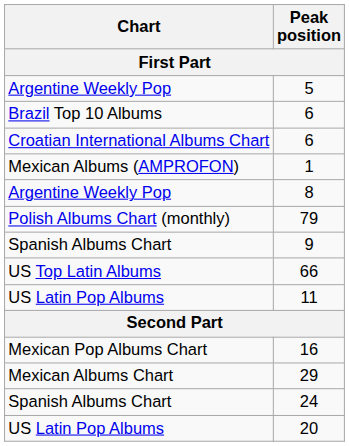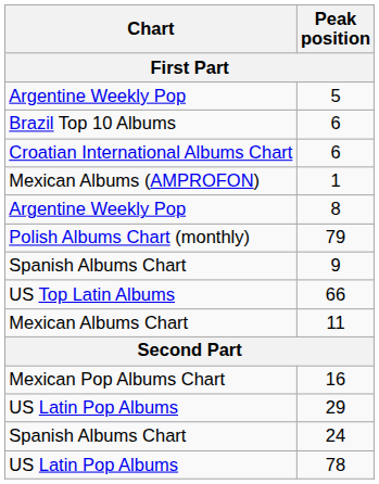 <table class="wikitable sortable">
 <tr>
 <th align="left">Chart</th>
 <th align="left">Peak<br>position</th>
 </tr>
 <tr>
 <th colspan="2">First Part</th>
 </tr>
 <tr>
 <td><a href='#'>Argentine Weekly Pop</a></td>
 <td style="text-align:center;">5</td>
 </tr>
 <tr>
 <td><a href='#'>Brazil</a> Top 10 Albums</td>
 <td style="text-align:center;">6</td>
 </tr>
 <tr>
 <td><a href='#'>Croatian International Albums Chart</a></td>
 <td style="text-align:center;">6</td>
 </tr>
 <tr>
 <td>Mexican Albums (<a href='#'>AMPROFON</a>)</td>
 <td style="text-align:center;">1</td>
 </tr>
 <tr>
 <td><a href='#'>Argentine Weekly Pop</a></td>
 <td style="text-align:center;">8</td>
 </tr>
 <tr>
 <td><a href='#'>Polish Albums Chart</a> (monthly)</td>
 <td style="text-align:center;">79</td>
 </tr>
 <tr>
 <td>Spanish Albums Chart</td>
 <td style="text-align:center;">9</td>
 </tr>
 <tr>
 <td>US <a href='#'>Top Latin Albums</a></td>
 <td style="text-align:center;">66</td>
 </tr>
 <tr>
-<td>US <a href='#'>Latin Pop Albums</a></td>
+<td>Mexican Albums Chart</td>
 <td style="text-align:center;">11</td>
 </tr>
 <tr>
 <th colspan="2">Second Part</th>
 </tr>
 <tr>
 <td>Mexican Pop Albums Chart</td>
 <td style="text-align:center;">16</td>
 </tr>
 <tr>
-<td>Mexican Albums Chart</td>
+<td>US <a href='#'>Latin Pop Albums</a></td>
 <td style="text-align:center;">29</td>
 </tr>
 <tr>
 <td>Spanish Albums Chart</td>
 <td style="text-align:center;">24</td>
 </tr>
 <tr>
 <td>US <a href='#'>Latin Pop Albums</a></td>
-<td style="text-align:center;">20</td>
+<td style="text-align:center;">78</td>
 </tr>
 </table>
